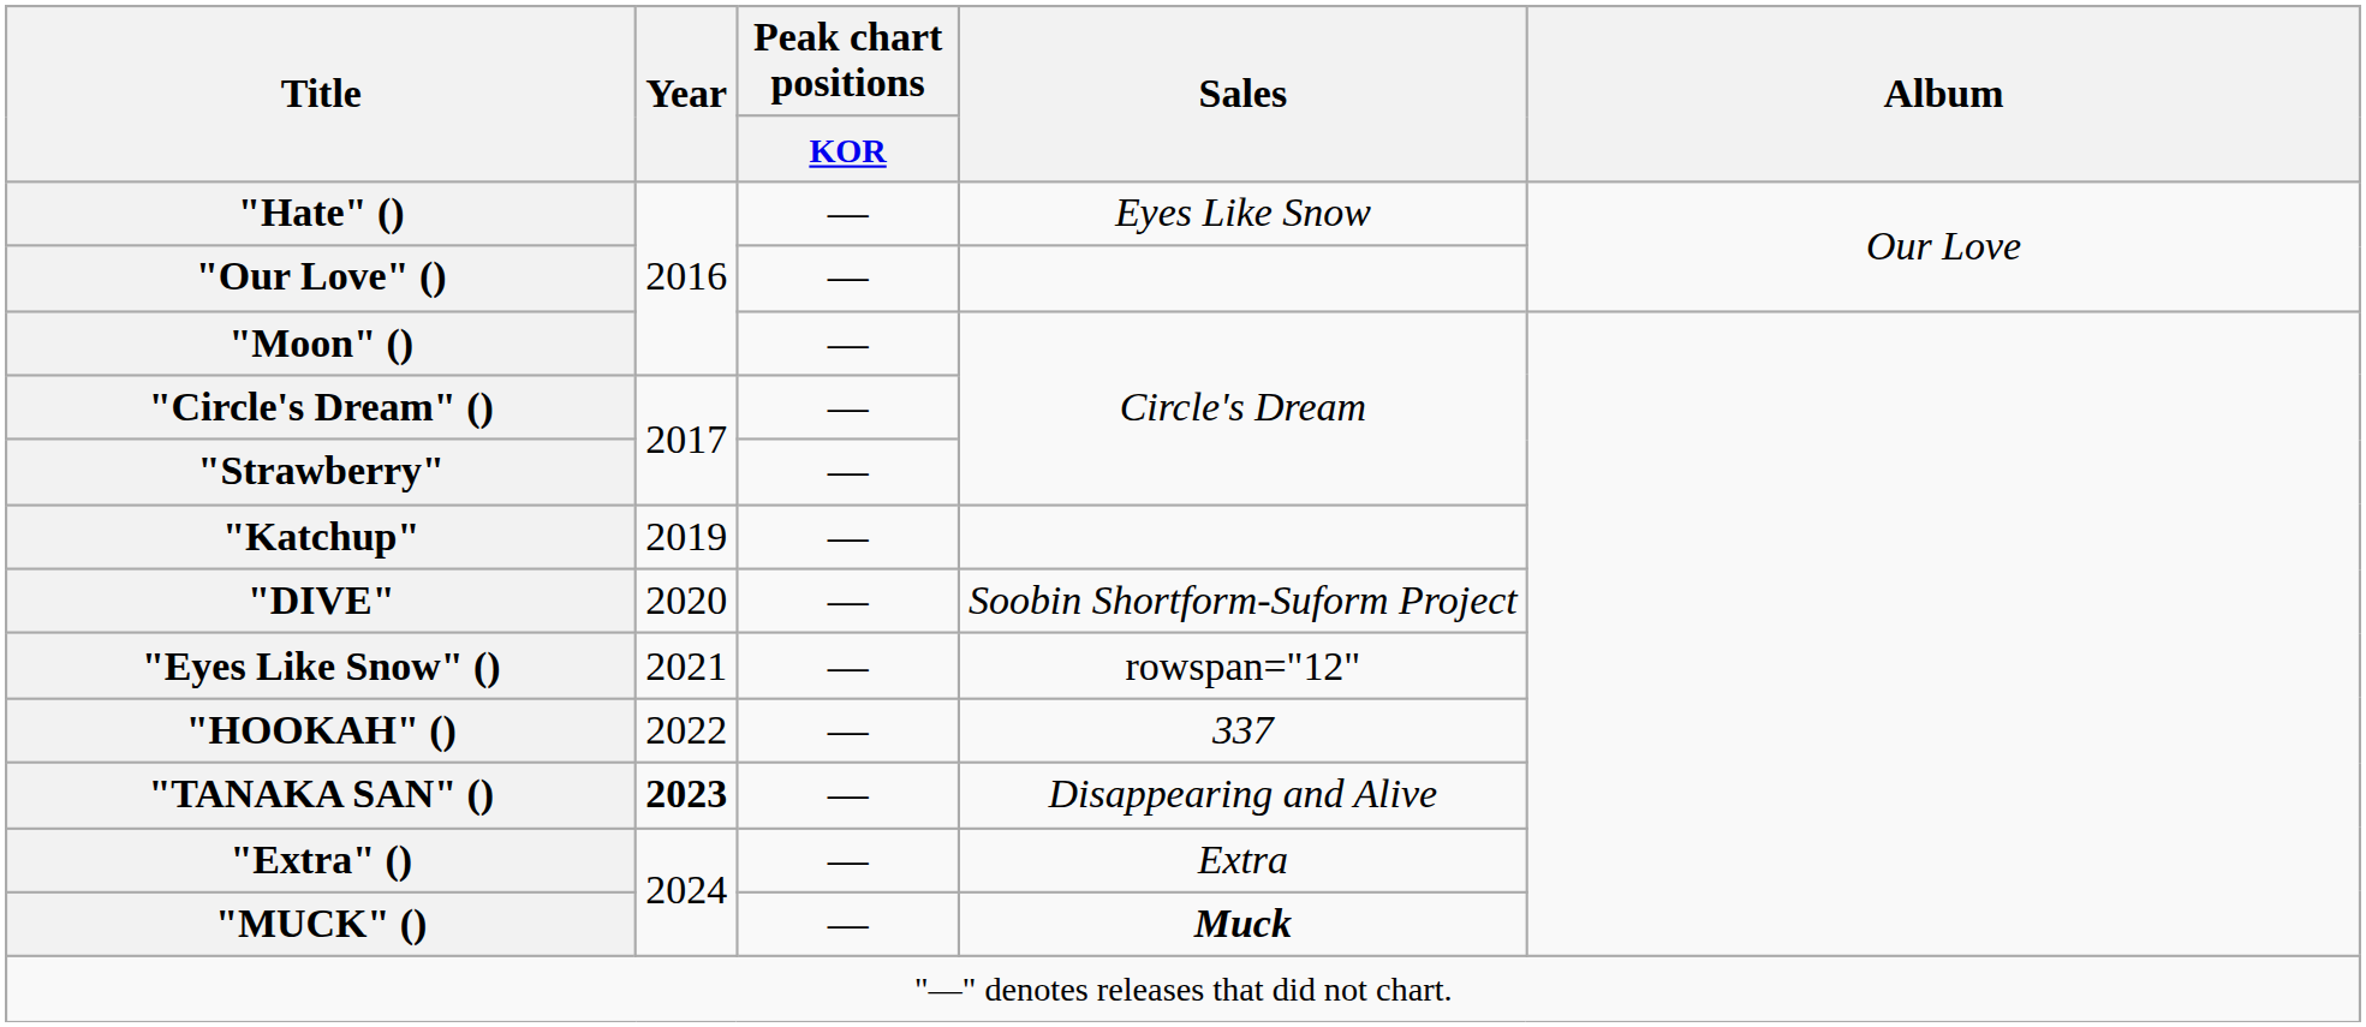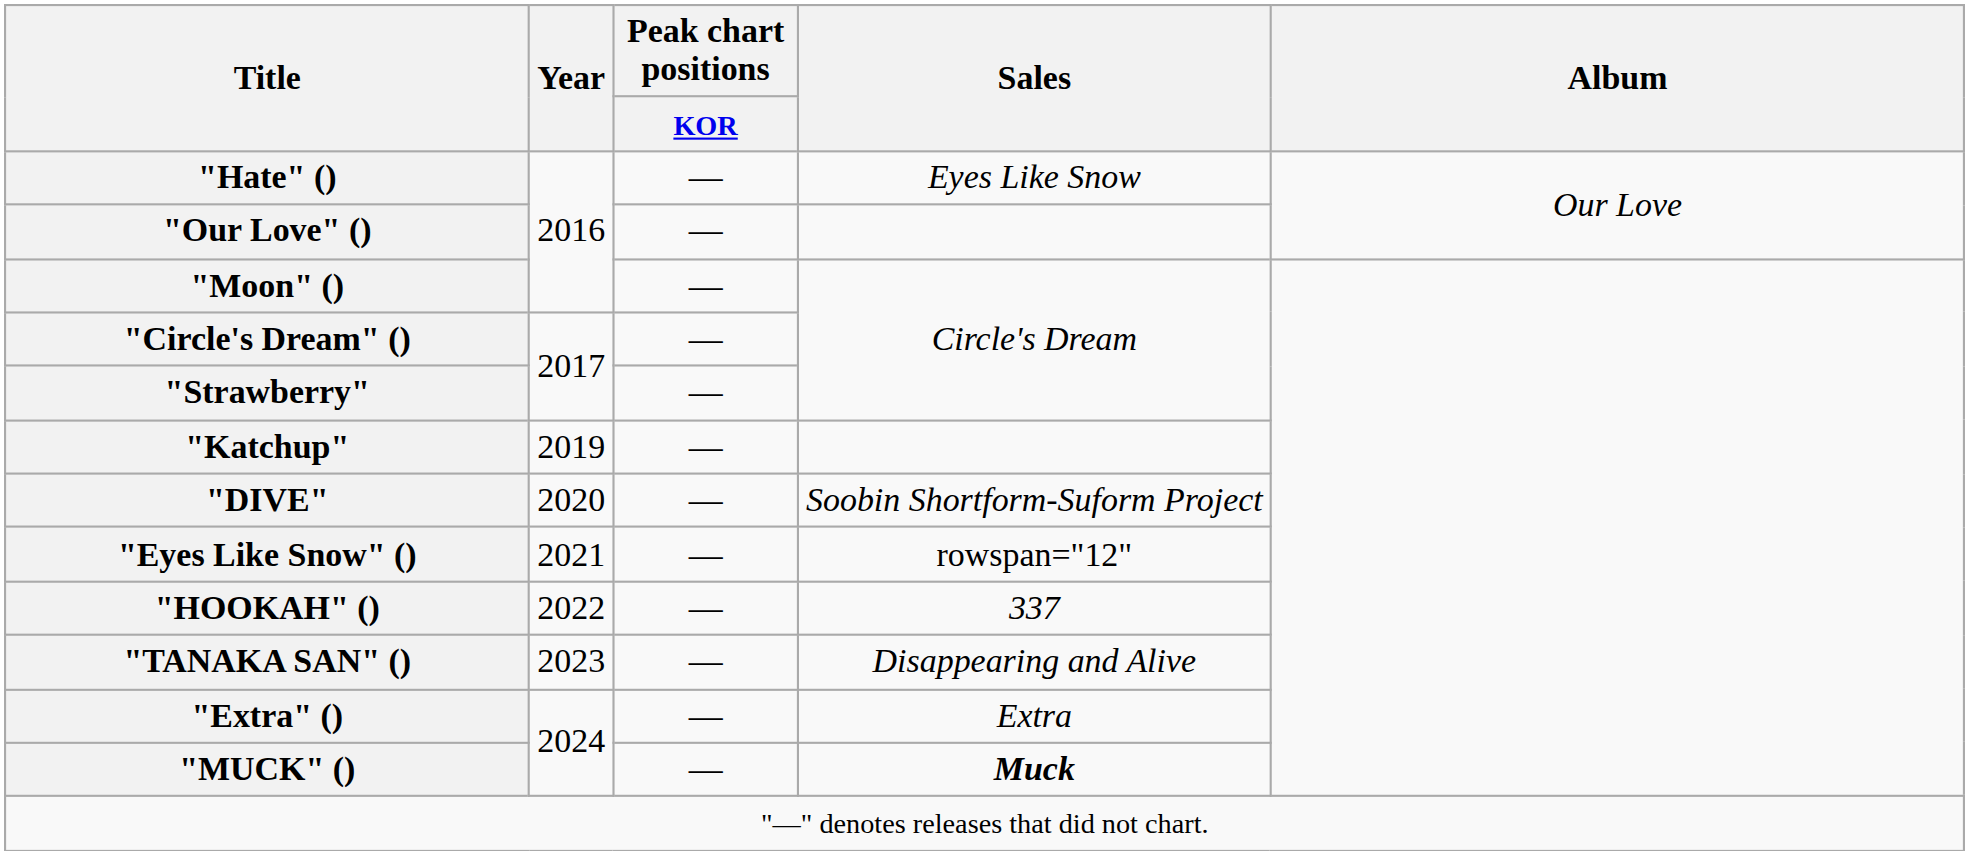 <table class="wikitable plainrowheaders" style="text-align:center;">
 <tr>
 <th scope="col" rowspan="2" style="width:15em;">Title</th>
 <th scope="col" rowspan="2">Year</th>
 <th scope="col" colspan="1" style="width:5em;">Peak chart positions</th>
 <th scope="col" rowspan="2">Sales</th>
 <th scope="col" rowspan="2" style="width:20em;">Album</th>
 </tr>
 <tr>
 <th><small><a href='#'>KOR</a></small><br></th>
 </tr>
 <tr>
 <th scope="row">"Hate" ()</th>
 <td rowspan="3">2016</td>
 <td>—</td>
 <td><em>Eyes Like Snow</em></td>
 <td rowspan="2"><em>Our Love</em></td>
 </tr>
 <tr>
 <th scope="row">"Our Love" ()</th>
 <td>—</td>
 </tr>
 <tr>
 <th scope="row">"Moon" ()</th>
 <td>—</td>
 <td rowspan="3"><em>Circle's Dream</em></td>
 </tr>
 <tr>
 <th scope="row">"Circle's Dream" ()</th>
 <td rowspan="2">2017</td>
 <td>—</td>
 </tr>
 <tr>
 <th scope="row">"Strawberry"</th>
 <td>—</td>
 </tr>
 <tr>
 <th scope="row">"Katchup"</th>
 <td rowspan="1">2019</td>
 <td>—</td>
 <td></td>
 </tr>
 <tr>
 <th scope="row">"DIVE"</th>
 <td>2020</td>
 <td>—</td>
 <td><em>Soobin Shortform-Suform Project</em></td>
 </tr>
 <tr>
 <th scope="row">"Eyes Like Snow" ()</th>
 <td>2021</td>
 <td>—</td>
 <td>rowspan="12" </td>
 </tr>
 <tr>
 <th scope="row">"HOOKAH" ()</th>
 <td>2022</td>
 <td>—</td>
 <td><em>337</em></td>
 </tr>
 <tr>
 <th scope="row">"TANAKA SAN" ()</th>
-<td><strong>2023</strong></td>
+<td>2023</td>
 <td>—</td>
 <td><em>Disappearing and Alive</em></td>
 </tr>
 <tr>
 <th scope="row">"Extra" ()</th>
 <td rowspan="2">2024</td>
 <td>—</td>
 <td><em>Extra</em></td>
 </tr>
 <tr>
 <th scope="row">"MUCK" ()</th>
 <td>—</td>
 <td><strong><em>Muck</em></strong></td>
 </tr>
 <tr>
 <td colspan="5"><small>"—" denotes releases that did not chart.</small></td>
 </tr>
 </table>
